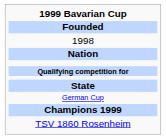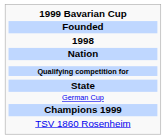 <table class="infobox football" style="width: 16em; text-align: center;">
 <tr>
 <th style="">1999 Bavarian Cup</th>
 </tr>
 <tr>
 <td style="background: #BFD7FF;"><strong>Founded</strong></td>
 </tr>
 <tr>
-<td style="">1998</td>
+<td style=""><strong>1998</strong></td>
 </tr>
 <tr>
 <td style="background: #BFD7FF;"><strong>Nation</strong></td>
 </tr>
 <tr>
 <td style=""></td>
 </tr>
 <tr>
 <td style="line-height: 15px;"></td>
 </tr>
 <tr>
 <td style="font-size: 12px; background: #BFD7FF;"><strong>Qualifying competition for</strong></td>
 </tr>
 <tr>
 <td style=""></td>
 </tr>
 <tr>
 <td style="background: #BFD7FF;"><strong>State</strong></td>
 </tr>
 <tr>
 <td style="font-size: 12px;"><a href='#'>German Cup</a></td>
 </tr>
 <tr>
 <td style="background: #BFD7FF;"><strong>Champions 1999</strong></td>
 </tr>
 <tr>
 <td style=""><a href='#'>TSV 1860 Rosenheim</a></td>
 </tr>
 <tr>
 </tr>
 </table>
